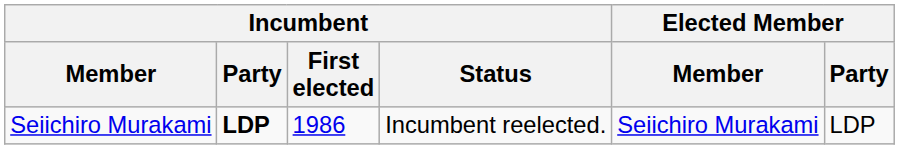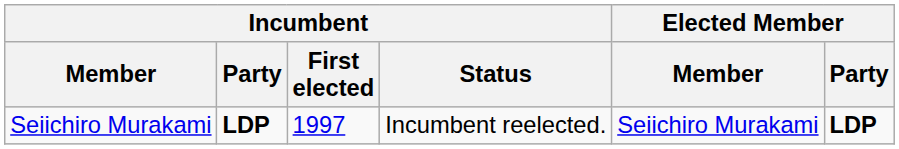 <table class="wikitable sortable">
 <tr>
 <th colspan=4>Incumbent</th>
 <th colspan=2>Elected Member</th>
 </tr>
 <tr>
 <th>Member</th>
 <th>Party</th>
 <th>First<br>elected</th>
 <th>Status</th>
 <th>Member</th>
 <th>Party</th>
 </tr>
 <tr>
 <td><a href='#'>Seiichiro Murakami</a></td>
 <td><strong>LDP</strong></td>
-<td><a href='#'>1986</a></td>
+<td><a href='#'>1997</a></td>
 <td>Incumbent reelected.</td>
 <td><a href='#'>Seiichiro Murakami</a></td>
-<td>LDP</td>
+<td><strong>LDP</strong></td>
 </tr>
 </table>
